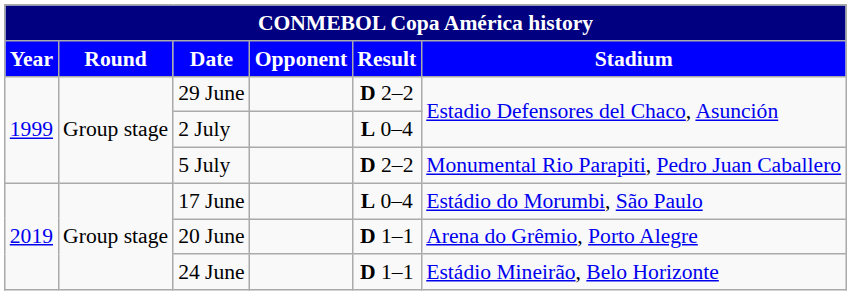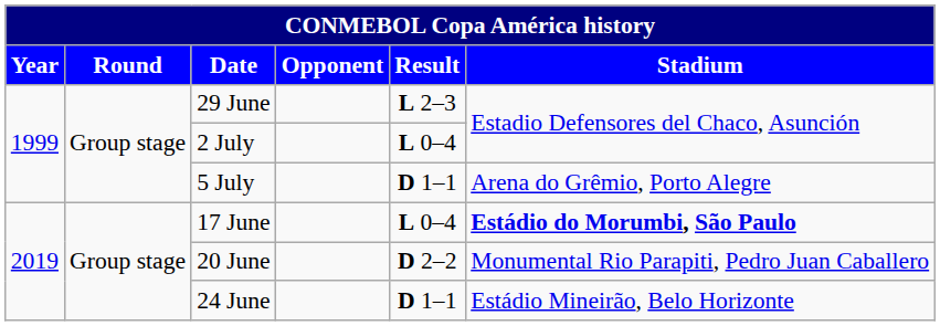 <table class="wikitable collapsible collapsed" style="text-align: center;font-size:90%;">
 <tr>
 <th colspan=6 style="background: #000080; color: #FFFFFF;">CONMEBOL Copa América history</th>
 </tr>
 <tr>
 <th style=background:blue;color:white>Year</th>
 <th style=background:blue;color:white>Round</th>
 <th style=background:blue;color:white>Date</th>
 <th style=background:blue;color:white>Opponent</th>
 <th style=background:blue;color:white>Result</th>
 <th style=background:blue;color:white>Stadium</th>
 </tr>
 <tr>
 <td rowspan=3> <a href='#'>1999</a></td>
 <td rowspan=3>Group stage</td>
 <td align="left">29 June</td>
 <td align="left"></td>
-<td><strong>D</strong> 2–2</td>
+<td><strong>L</strong> 2–3</td>
 <td rowspan=2 align="left"><a href='#'>Estadio Defensores del Chaco</a>, <a href='#'>Asunción</a></td>
 </tr>
 <tr>
 <td align="left">2 July</td>
 <td align="left"></td>
 <td><strong>L</strong> 0–4</td>
 </tr>
 <tr>
 <td align="left">5 July</td>
 <td align="left"></td>
-<td><strong>D</strong> 2–2</td>
-<td align="left"><a href='#'>Monumental Rio Parapiti</a>, <a href='#'>Pedro Juan Caballero</a></td>
+<td><strong>D</strong> 1–1</td>
+<td align="left"><a href='#'>Arena do Grêmio</a>, <a href='#'>Porto Alegre</a></td>
 </tr>
 <tr>
 <td rowspan=3> <a href='#'>2019</a></td>
 <td rowspan=3>Group stage</td>
 <td align="left">17 June</td>
 <td align="left"></td>
 <td><strong>L</strong> 0–4</td>
-<td align="left"><a href='#'>Estádio do Morumbi</a>, <a href='#'>São Paulo</a></td>
+<td align="left"><strong><a href='#'>Estádio do Morumbi</a>, <a href='#'>São Paulo</a></strong></td>
 </tr>
 <tr>
 <td align="left">20 June</td>
 <td align="left"></td>
-<td><strong>D</strong> 1–1</td>
-<td align="left"><a href='#'>Arena do Grêmio</a>, <a href='#'>Porto Alegre</a></td>
+<td><strong>D</strong> 2–2</td>
+<td align="left"><a href='#'>Monumental Rio Parapiti</a>, <a href='#'>Pedro Juan Caballero</a></td>
 </tr>
 <tr>
 <td align="left">24 June</td>
 <td align="left"></td>
 <td><strong>D</strong> 1–1</td>
 <td align="left"><a href='#'>Estádio Mineirão</a>, <a href='#'>Belo Horizonte</a></td>
 </tr>
 </table>
